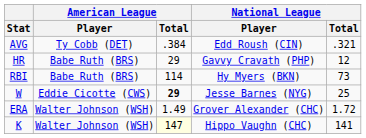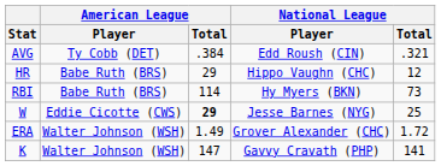 <table class="wikitable" style="text-align:center;">
 <tr>
 <th></th>
 <th colspan=2><a href='#'>American League</a></th>
 <th colspan=2><a href='#'>National League</a></th>
 </tr>
 <tr>
 <th>Stat</th>
 <th>Player</th>
 <th>Total</th>
 <th>Player</th>
 <th>Total</th>
 </tr>
 <tr>
 <td><a href='#'>AVG</a></td>
 <td><a href='#'>Ty Cobb</a> (<a href='#'>DET</a>)</td>
 <td>.384</td>
 <td><a href='#'>Edd Roush</a> (<a href='#'>CIN</a>)</td>
 <td>.321</td>
 </tr>
 <tr>
 <td><a href='#'>HR</a></td>
 <td><a href='#'>Babe Ruth</a> (<a href='#'>BRS</a>)</td>
 <td>29</td>
-<td><a href='#'>Gavvy Cravath</a> (<a href='#'>PHP</a>)</td>
+<td><a href='#'>Hippo Vaughn</a> (<a href='#'>CHC</a>)</td>
 <td>12</td>
 </tr>
 <tr>
 <td><a href='#'>RBI</a></td>
 <td><a href='#'>Babe Ruth</a> (<a href='#'>BRS</a>)</td>
 <td>114</td>
 <td><a href='#'>Hy Myers</a> (<a href='#'>BKN</a>)</td>
 <td>73</td>
 </tr>
 <tr>
 <td><a href='#'>W</a></td>
 <td><a href='#'>Eddie Cicotte</a> (<a href='#'>CWS</a>)</td>
 <td><strong>29</strong></td>
 <td><a href='#'>Jesse Barnes</a> (<a href='#'>NYG</a>)</td>
 <td>25</td>
 </tr>
 <tr>
 <td><a href='#'>ERA</a></td>
 <td><a href='#'>Walter Johnson</a> (<a href='#'>WSH</a>)</td>
 <td>1.49</td>
 <td><a href='#'>Grover Alexander</a> (<a href='#'>CHC</a>)</td>
 <td>1.72</td>
 </tr>
 <tr>
 <td><a href='#'>K</a></td>
 <td><a href='#'>Walter Johnson</a> (<a href='#'>WSH</a>)</td>
-<td style="background: lightyellow;">147</td>
-<td><a href='#'>Hippo Vaughn</a> (<a href='#'>CHC</a>)</td>
+<td>147</td>
+<td><a href='#'>Gavvy Cravath</a> (<a href='#'>PHP</a>)</td>
 <td>141</td>
 </tr>
 </table>
